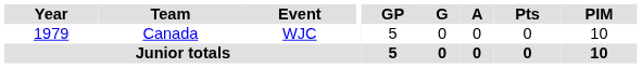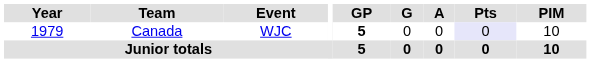 <table border="0" cellpadding="1" cellspacing="0" ID="Table3" style="text-align:center; width:40em">
 <tr bgcolor="#e0e0e0">
 <th>Year</th>
 <th>Team</th>
 <th>Event</th>
 <th rowspan="102" bgcolor="#ffffff"></th>
 <th>GP</th>
 <th>G</th>
 <th>A</th>
 <th>Pts</th>
 <th>PIM</th>
 </tr>
 <tr>
 <td><a href='#'>1979</a></td>
 <td><a href='#'>Canada</a></td>
 <td><a href='#'>WJC</a></td>
-<td>5</td>
+<td><strong>5</strong></td>
 <td>0</td>
 <td>0</td>
-<td>0</td>
+<td style="background: lavender;">0</td>
 <td>10</td>
 </tr>
 <tr bgcolor="#e0e0e0">
 <th colspan="4">Junior totals</th>
 <th>5</th>
 <th>0</th>
 <th>0</th>
 <th>0</th>
 <th>10</th>
 </tr>
 </table>
